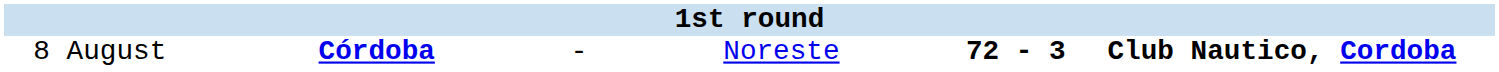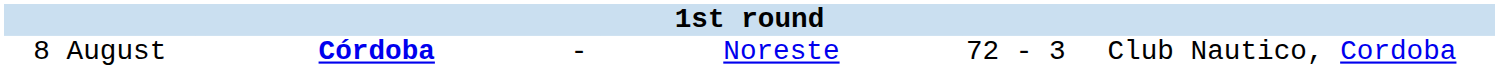 <table border=0 cellspacing=0 cellpadding=0 style="border-collapse: collapse;" width=700>
 <tr bgcolor="#CADFF0">
 <td style="font-size:100%"; align="center" colspan="6"><strong>1st round</strong></td>
 </tr>
 <tr align=center bgcolor=#FFFFFF>
 <td width=90>8 August</td>
 <td width=170><strong><a href='#'>Córdoba</a></strong></td>
 <td width=20>-</td>
 <td width=170><a href='#'>Noreste</a></td>
-<td width=50><strong>72 - 3</strong></td>
-<td width=200><strong>Club Nautico, <a href='#'>Cordoba</a></strong></td>
+<td width=50>72 - 3</td>
+<td width=200>Club Nautico, <a href='#'>Cordoba</a></td>
 </tr>
 </table>
